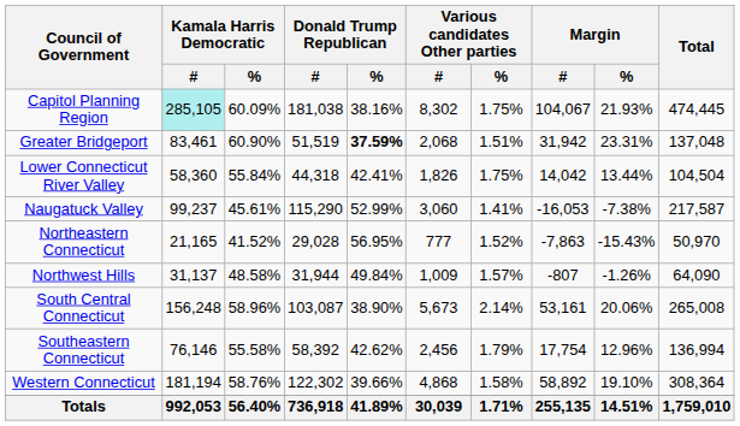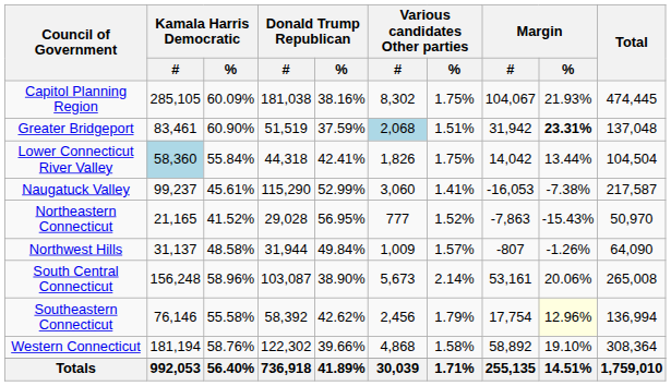 <table width="60%"  class="wikitable sortable" style="text-align:center">
 <tr>
 <th style="text-align:center;" rowspan="2">Council of Government</th>
 <th style="text-align:center;" colspan="2">Kamala Harris<br>Democratic</th>
 <th style="text-align:center;" colspan="2">Donald Trump<br>Republican</th>
 <th style="text-align:center;" colspan="2">Various candidates<br>Other parties</th>
 <th style="text-align:center;" colspan="2">Margin</th>
 <th style="text-align:center;" rowspan="2">Total</th>
 </tr>
 <tr style="text-align:center;">
 <th style="text-align:center;" data-sort-type="number">#</th>
 <th style="text-align:center;" data-sort-type="number">%</th>
 <th style="text-align:center;" data-sort-type="number">#</th>
 <th style="text-align:center;" data-sort-type="number">%</th>
 <th style="text-align:center;" data-sort-type="number">#</th>
 <th style="text-align:center;" data-sort-type="number">%</th>
 <th style="text-align:center;" data-sort-type="number">#</th>
 <th style="text-align:center;" data-sort-type="number">%</th>
 </tr>
 <tr style="text-align:center;">
 <td><a href='#'>Capitol Planning Region</a></td>
-<td style="background: paleturquoise;">285,105</td>
+<td>285,105</td>
 <td>60.09%</td>
 <td>181,038</td>
 <td>38.16%</td>
 <td>8,302</td>
 <td>1.75%</td>
 <td>104,067</td>
 <td>21.93%</td>
 <td>474,445</td>
 </tr>
 <tr style="text-align:center;">
 <td><a href='#'>Greater Bridgeport</a></td>
 <td>83,461</td>
 <td>60.90%</td>
 <td>51,519</td>
-<td><strong>37.59%</strong></td>
-<td>2,068</td>
+<td>37.59%</td>
+<td style="background: lightblue;">2,068</td>
 <td>1.51%</td>
 <td>31,942</td>
-<td>23.31%</td>
+<td><strong>23.31%</strong></td>
 <td>137,048</td>
 </tr>
 <tr style="text-align:center;">
 <td><a href='#'>Lower Connecticut River Valley</a></td>
-<td>58,360</td>
+<td style="background: lightblue;">58,360</td>
 <td>55.84%</td>
 <td>44,318</td>
 <td>42.41%</td>
 <td>1,826</td>
 <td>1.75%</td>
 <td>14,042</td>
 <td>13.44%</td>
 <td>104,504</td>
 </tr>
 <tr style="text-align:center;">
 <td><a href='#'>Naugatuck Valley</a></td>
 <td>99,237</td>
 <td>45.61%</td>
 <td>115,290</td>
 <td>52.99%</td>
 <td>3,060</td>
 <td>1.41%</td>
 <td>-16,053</td>
 <td>-7.38%</td>
 <td>217,587</td>
 </tr>
 <tr style="text-align:center;">
 <td><a href='#'>Northeastern Connecticut</a></td>
 <td>21,165</td>
 <td>41.52%</td>
 <td>29,028</td>
 <td>56.95%</td>
 <td>777</td>
 <td>1.52%</td>
 <td>-7,863</td>
 <td>-15.43%</td>
 <td>50,970</td>
 </tr>
 <tr style="text-align:center;">
 <td><a href='#'>Northwest Hills</a></td>
 <td>31,137</td>
 <td>48.58%</td>
 <td>31,944</td>
 <td>49.84%</td>
 <td>1,009</td>
 <td>1.57%</td>
 <td>-807</td>
 <td>-1.26%</td>
 <td>64,090</td>
 </tr>
 <tr style="text-align:center;">
 <td><a href='#'>South Central Connecticut</a></td>
 <td>156,248</td>
 <td>58.96%</td>
 <td>103,087</td>
 <td>38.90%</td>
 <td>5,673</td>
 <td>2.14%</td>
 <td>53,161</td>
 <td>20.06%</td>
 <td>265,008</td>
 </tr>
 <tr style="text-align:center;">
 <td><a href='#'>Southeastern Connecticut</a></td>
 <td>76,146</td>
 <td>55.58%</td>
 <td>58,392</td>
 <td>42.62%</td>
 <td>2,456</td>
 <td>1.79%</td>
 <td>17,754</td>
-<td>12.96%</td>
+<td style="background: lightyellow;">12.96%</td>
 <td>136,994</td>
 </tr>
 <tr style="text-align:center;">
 <td><a href='#'>Western Connecticut</a></td>
 <td>181,194</td>
 <td>58.76%</td>
 <td>122,302</td>
 <td>39.66%</td>
 <td>4,868</td>
 <td>1.58%</td>
 <td>58,892</td>
 <td>19.10%</td>
 <td>308,364</td>
 </tr>
 <tr style="text-align:center;">
 </tr>
 <tr style="text-align:center;">
 <th>Totals</th>
 <th>992,053</th>
 <th>56.40%</th>
 <th>736,918</th>
 <th>41.89%</th>
 <th>30,039</th>
 <th>1.71%</th>
 <th>255,135</th>
 <th>14.51%</th>
 <th>1,759,010</th>
 </tr>
 </table>
